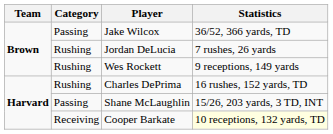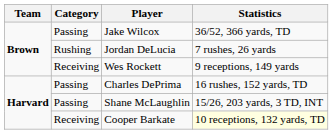 <table class="wikitable" style="float: left;">
 <tr>
 <th>Team</th>
 <th>Category</th>
 <th>Player</th>
 <th>Statistics</th>
 </tr>
 <tr>
 <td rowspan=3><strong>Brown</strong></td>
 <td>Passing</td>
 <td>Jake Wilcox</td>
 <td>36/52, 366 yards, TD</td>
 </tr>
 <tr>
 <td>Rushing</td>
 <td>Jordan DeLucia</td>
 <td>7 rushes, 26 yards</td>
 </tr>
 <tr>
-<td>Rushing</td>
+<td>Receiving</td>
 <td>Wes Rockett</td>
 <td>9 receptions, 149 yards</td>
 </tr>
 <tr>
 <td rowspan=3><strong>Harvard</strong></td>
-<td>Rushing</td>
+<td>Passing</td>
 <td>Charles DePrima</td>
 <td>16 rushes, 152 yards, TD</td>
 </tr>
 <tr>
 <td>Passing</td>
 <td>Shane McLaughlin</td>
 <td>15/26, 203 yards, 3 TD, INT</td>
 </tr>
 <tr>
 <td>Receiving</td>
 <td>Cooper Barkate</td>
 <td style="background: lightyellow;">10 receptions, 132 yards, TD</td>
 </tr>
 </table>
